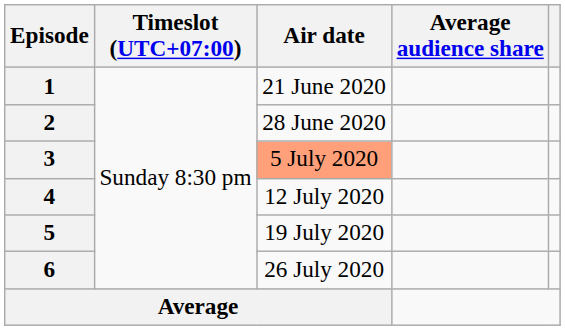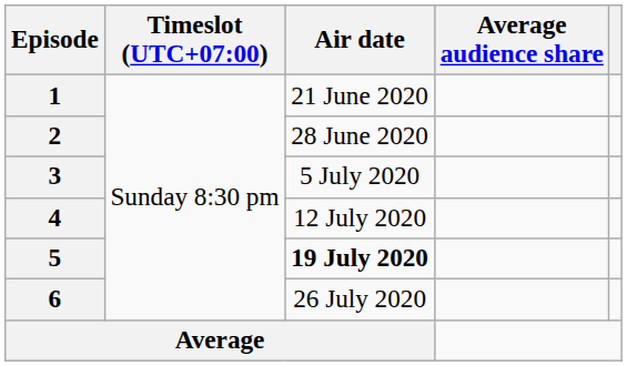 <table class="wikitable">
 <tr>
 <th>Episode<br></th>
 <th>Timeslot<br>(<a href='#'>UTC+07:00</a>)</th>
 <th>Air date</th>
 <th>Average<br><a href='#'>audience share</a></th>
 <th></th>
 </tr>
 <tr>
 <th style="text-align: center;">1</th>
 <td style="text-align: center;" rowspan="6">Sunday 8:30 pm</td>
 <td style="text-align: center;">21 June 2020</td>
 <td style="text-align: center;"></td>
 <td style="text-align: center;"></td>
 </tr>
 <tr>
 <th style="text-align: center;">2</th>
 <td style="text-align: center;">28 June 2020</td>
 <td style="text-align: center;"></td>
 <td style="text-align: center;"></td>
 </tr>
 <tr>
 <th style="text-align: center;">3</th>
-<td style="background: lightsalmon; text-align: center;">5 July 2020</td>
+<td style="text-align: center;">5 July 2020</td>
 <td></td>
 <td></td>
 </tr>
 <tr>
 <th style="text-align: center;">4</th>
 <td style="text-align: center;">12 July 2020</td>
 <td></td>
 <td></td>
 </tr>
 <tr>
 <th style="text-align: center;">5</th>
-<td style="text-align: center;">19 July 2020</td>
+<td style="text-align: center;"><strong>19 July 2020</strong></td>
 <td></td>
 <td></td>
 </tr>
 <tr>
 <th style="text-align: center;">6</th>
 <td style="text-align: center;">26 July 2020</td>
 <td></td>
 <td></td>
 </tr>
 <tr>
 <th colspan="3" style="text-align: center;">Average</th>
 <td colspan="2" style="text-align: center;"> </td>
 </tr>
 </table>
